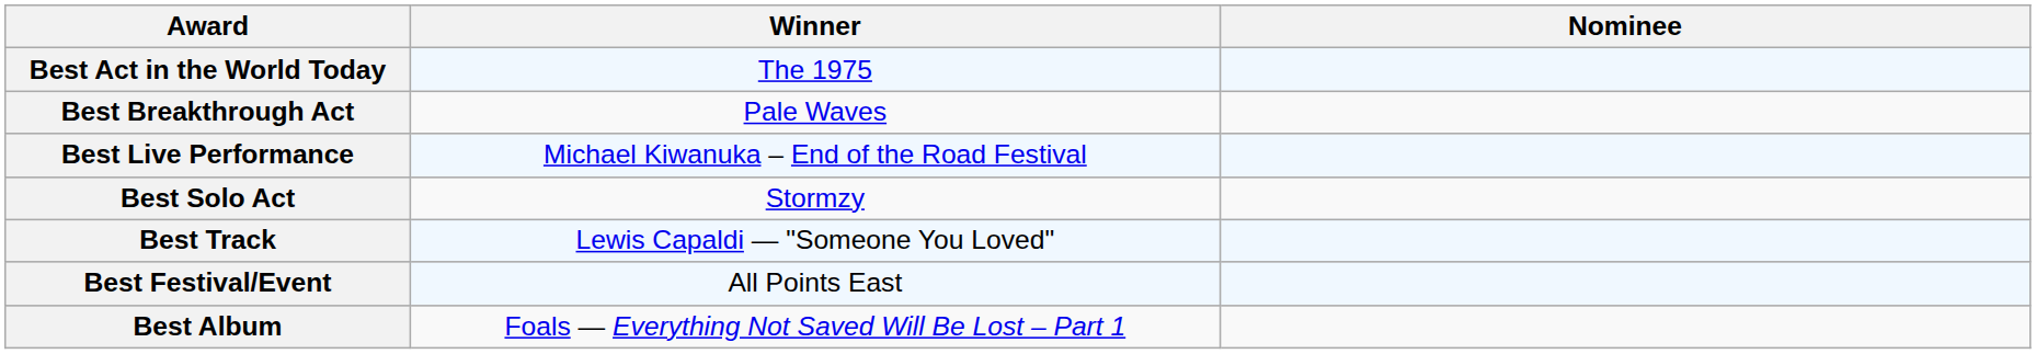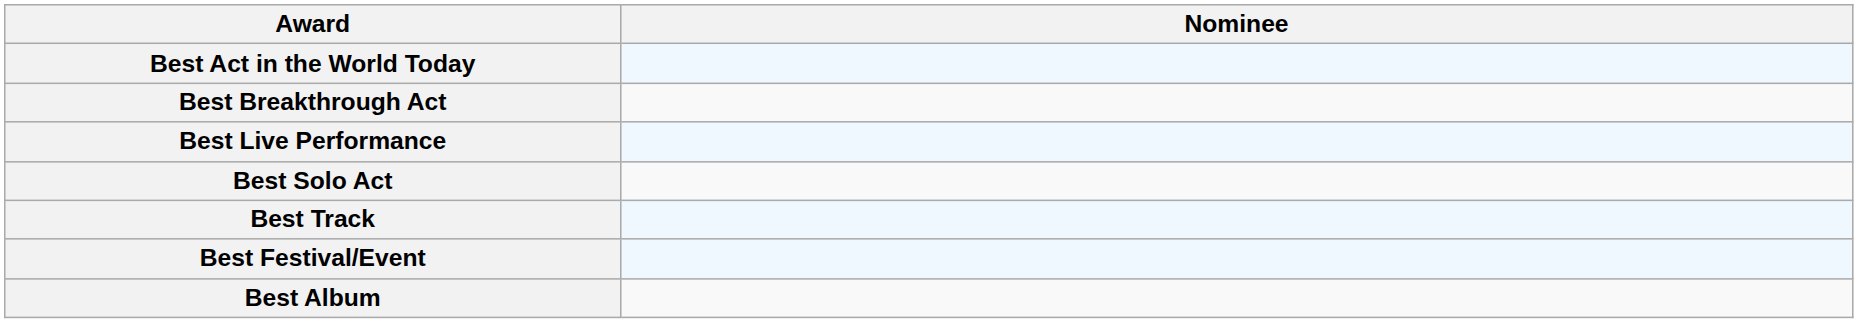 <table class="wikitable" rowspan=2 style="text-align: center; width:95%;">
 <tr>
 <th scope="col" style="width:10%;">Award</th>
-<th scope="col" style="width:20%;">Winner</th>
 <th scope="col" style="width:20%;">Nominee</th>
 </tr>
 <tr>
 <th scope="row" style="text-align:center">Best Act in the World Today</th>
-<td style="background:#F0F8FF"><a href='#'>The 1975</a></td>
 <td style="background:#F0F8FF; font-size: 85%;"></td>
 </tr>
 <tr>
 <th scope="row" style="text-align:center">Best Breakthrough Act</th>
-<td><a href='#'>Pale Waves</a></td>
 <td style="font-size: 85%;"></td>
 </tr>
 <tr>
 <th scope="row" style="text-align:center">Best Live Performance</th>
-<td style="background:#F0F8FF"><a href='#'>Michael Kiwanuka</a> – <a href='#'>End of the Road Festival</a></td>
 <td style="background:#F0F8FF; font-size: 85%;"></td>
 </tr>
 <tr>
 <th scope="row" style="text-align:center">Best Solo Act</th>
-<td><a href='#'>Stormzy</a></td>
 <td style="font-size: 85%;"><br></td>
 </tr>
 <tr>
 <th scope="row" style="text-align:center">Best Track</th>
-<td style="background:#F0F8FF;"><a href='#'>Lewis Capaldi</a> — "Someone You Loved"</td>
 <td style="background:#F0F8FF; font-size: 85%;"></td>
 </tr>
 <tr>
 <th scope="row" style="text-align:center">Best Festival/Event</th>
-<td style="background:#F0F8FF;">All Points East</td>
 <td style="background:#F0F8FF; font-size: 85%;"></td>
 </tr>
 <tr>
 <th scope="row" style="text-align:center">Best Album</th>
-<td><a href='#'>Foals</a> — <em><a href='#'>Everything Not Saved Will Be Lost – Part 1</a></em></td>
 <td style="font-size: 85%;"></td>
 </tr>
 </table>
